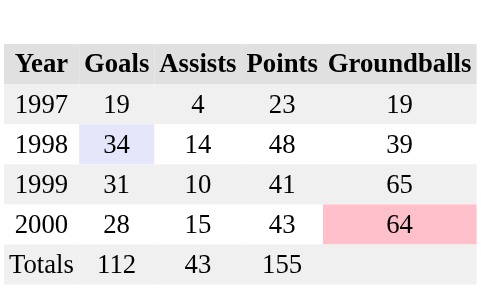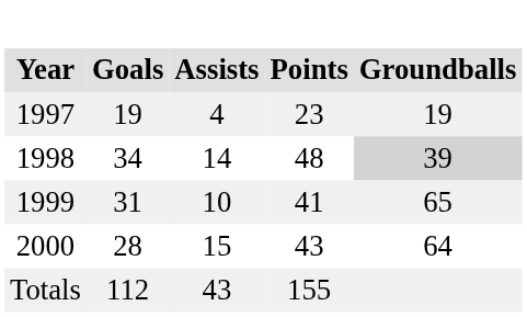 <table BORDER="0" CELLPADDING="3" CELLSPACING="0">
 <tr>
 <th colspan="2" bgcolor="#ffffff"> </th>
 </tr>
 <tr ALIGN="center" bgcolor="#e0e0e0">
 <th>Year</th>
 <th>Goals</th>
 <th>Assists</th>
 <th>Points</th>
 <th>Groundballs</th>
 </tr>
 <tr ALIGN="center" bgcolor="#f0f0f0">
 <td>1997</td>
 <td>19</td>
 <td>4</td>
 <td>23</td>
 <td>19</td>
 </tr>
 <tr ALIGN="center">
 <td>1998</td>
-<td style="background: lavender;">34</td>
+<td>34</td>
 <td>14</td>
 <td>48</td>
-<td>39</td>
+<td style="background: lightgrey;">39</td>
 </tr>
 <tr ALIGN="center" bgcolor="#f0f0f0">
 <td>1999</td>
 <td>31</td>
 <td>10</td>
 <td>41</td>
 <td>65</td>
 </tr>
 <tr ALIGN="center">
 <td>2000</td>
 <td>28</td>
 <td>15</td>
 <td>43</td>
-<td style="background: pink;">64</td>
+<td>64</td>
 </tr>
 <tr ALIGN="center" bgcolor="#f0f0f0">
 <td>Totals</td>
 <td>112</td>
 <td>43</td>
 <td>155</td>
 <td></td>
 </tr>
 </table>
